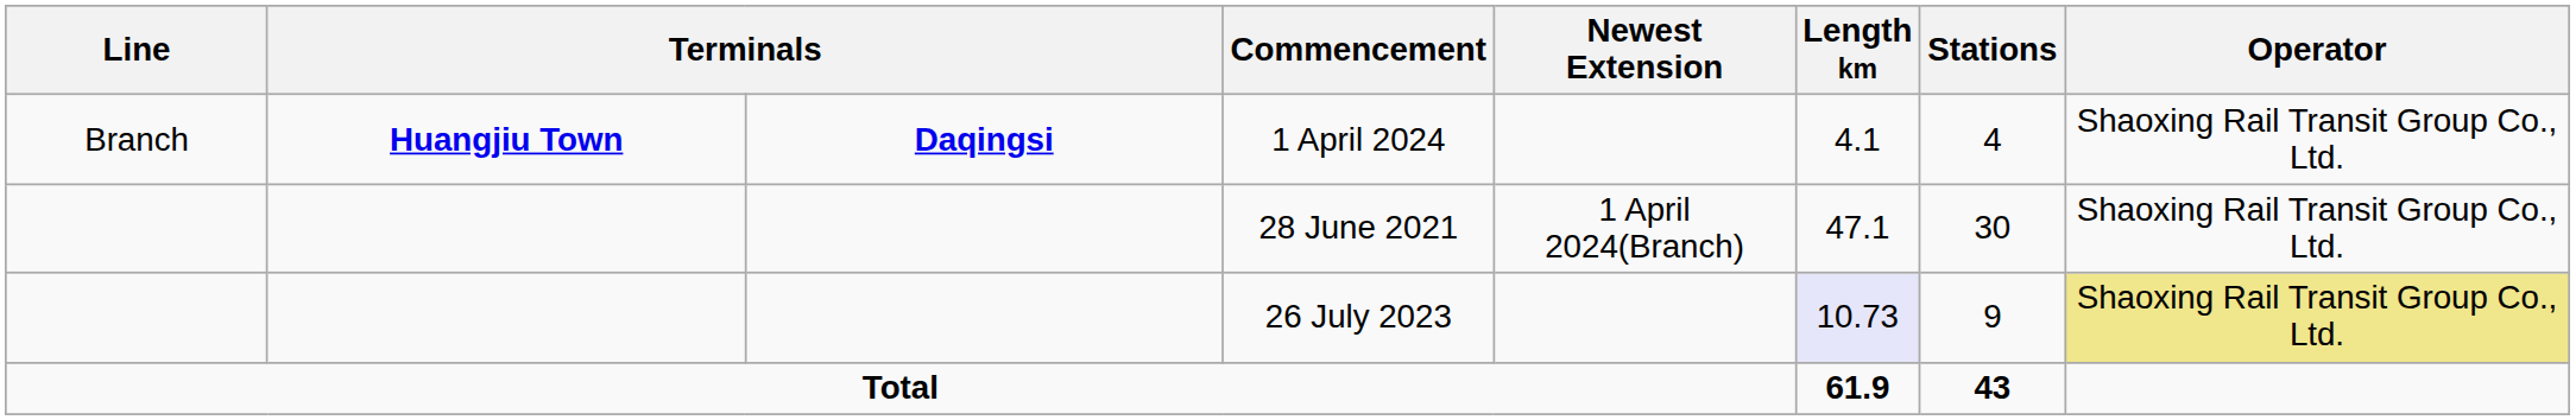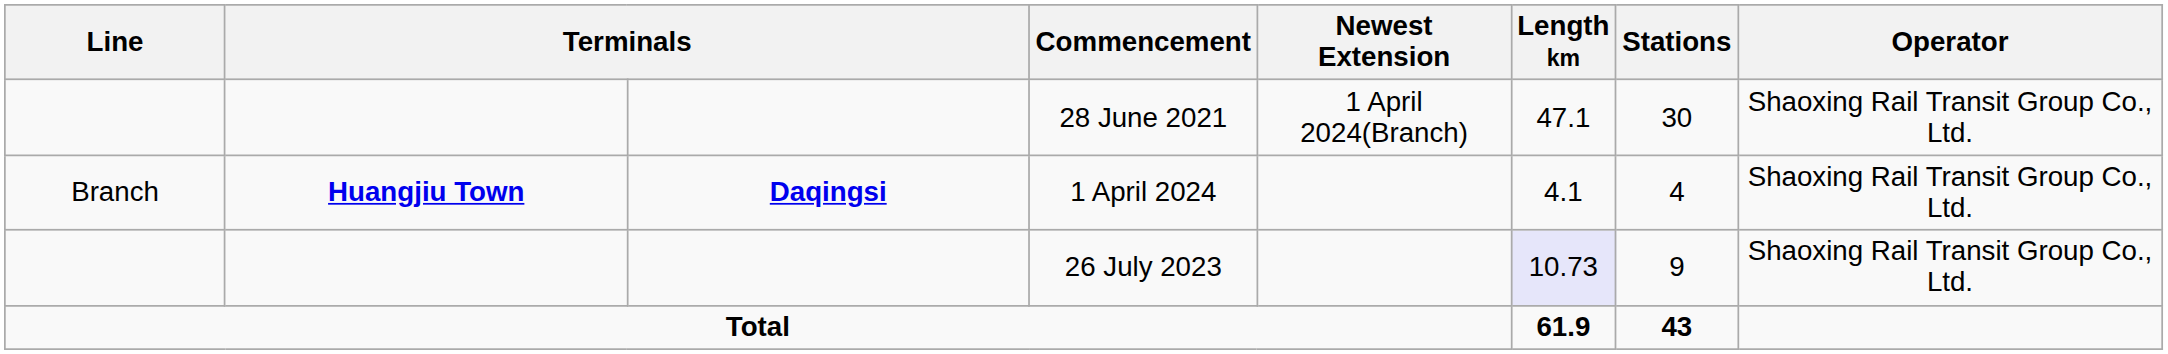 <table class="wikitable sortable" style="cell-padding:1.5; text-align:center;">
 <tr>
 <th data-sort-type="text"style="width:120px;">Line</th>
 <th class="unsortable" colspan="2" style="width:450px; line-height:1.05">Terminals</th>
 <th>Commencement</th>
 <th>Newest<br>Extension</th>
 <th>Length<br><small>km</small></th>
 <th>Stations</th>
 <th>Operator</th>
+</tr>
+<tr>
+<td></td>
+<td style="text-align:center; width:225px; line-height:1.05"><strong></strong></td>
+<td style="text-align:center; width:225px; line-height:1.05"><strong></strong></td>
+<td>28 June 2021</td>
+<td>1 April 2024(Branch)</td>
+<td>47.1</td>
+<td>30</td>
+<td>Shaoxing Rail Transit Group Co., Ltd.</td>
 </tr>
 <tr>
 <td> Branch</td>
 <td><a href='#'><strong>Huangjiu Town</strong></a></td>
 <td><a href='#'><strong>Daqingsi</strong></a></td>
 <td>1 April 2024</td>
 <td></td>
 <td>4.1</td>
 <td>4</td>
 <td>Shaoxing Rail Transit Group Co., Ltd.</td>
 </tr>
 <tr>
 <td></td>
 <td style="text-align:center; width:225px; line-height:1.05"><strong></strong></td>
 <td style="text-align:center; width:225px; line-height:1.05"><strong></strong></td>
-<td>28 June 2021</td>
-<td>1 April 2024(Branch)</td>
-<td>47.1</td>
-<td>30</td>
-<td>Shaoxing Rail Transit Group Co., Ltd.</td>
-</tr>
-<tr>
-<td></td>
-<td style="text-align:center; width:225px; line-height:1.05"><strong></strong></td>
-<td style="text-align:center; width:225px; line-height:1.05"><strong></strong></td>
 <td>26 July 2023</td>
 <td></td>
 <td style="background: lavender;">10.73</td>
 <td>9</td>
-<td style="background: khaki;">Shaoxing Rail Transit Group Co., Ltd.</td>
+<td>Shaoxing Rail Transit Group Co., Ltd.</td>
 </tr>
 <tr>
 <td colspan="5"><strong>Total</strong></td>
 <td><strong>61.9</strong></td>
 <td><strong>43</strong></td>
 <td></td>
 </tr>
 </table>
